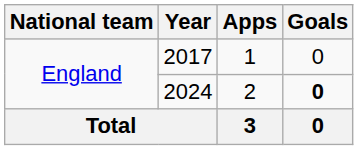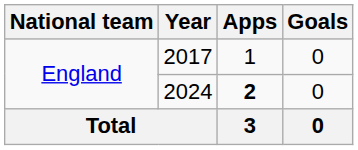 <table class="wikitable" style="text-align: center;">
 <tr>
 <th>National team</th>
 <th>Year</th>
 <th>Apps</th>
 <th>Goals</th>
 </tr>
 <tr>
 <td rowspan="2"><a href='#'>England</a></td>
 <td>2017</td>
 <td>1</td>
 <td>0</td>
 </tr>
 <tr>
 <td>2024</td>
-<td>2</td>
-<td><strong>0</strong></td>
+<td><strong>2</strong></td>
+<td>0</td>
 </tr>
 <tr>
 <th colspan="2">Total</th>
 <th>3</th>
 <th>0</th>
 </tr>
 </table>
